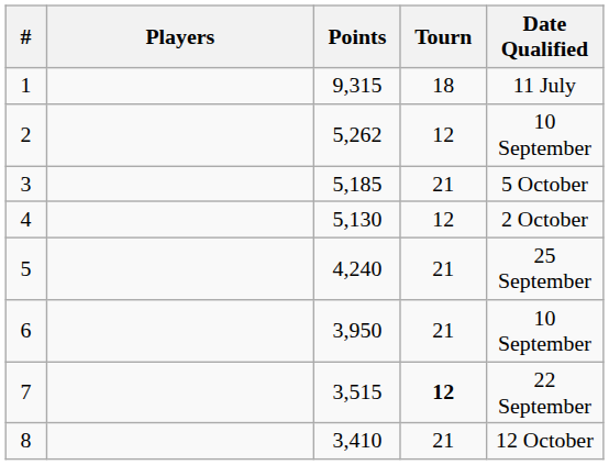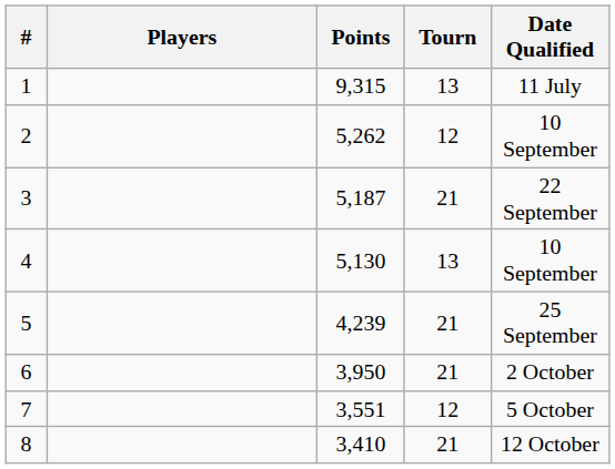 <table class="sortable wikitable"  style="float:right; text-align:center; font-size:90%; text:justify;">
 <tr>
 <th width=20>#</th>
 <th width=170>Players</th>
 <th width=50>Points</th>
 <th width=50>Tourn</th>
 <th width=70>Date Qualified</th>
 </tr>
 <tr align=center>
 <td>1</td>
 <td align=left> <br> </td>
 <td>9,315</td>
-<td>18</td>
+<td>13</td>
 <td>11 July</td>
 </tr>
 <tr>
 <td>2</td>
 <td align=left> <br> </td>
 <td>5,262</td>
 <td>12</td>
 <td>10 September</td>
 </tr>
 <tr>
 <td>3</td>
 <td align=left> <br> </td>
-<td>5,185</td>
+<td>5,187</td>
 <td>21</td>
-<td>5 October</td>
+<td>22 September</td>
 </tr>
 <tr>
 <td>4</td>
 <td align=left> <br> </td>
 <td>5,130</td>
-<td>12</td>
-<td>2 October</td>
+<td>13</td>
+<td>10 September</td>
 </tr>
 <tr>
 <td>5</td>
 <td align=left> <br> </td>
-<td>4,240</td>
+<td>4,239</td>
 <td>21</td>
 <td>25 September</td>
 </tr>
 <tr>
 <td>6</td>
 <td align=left> <br> </td>
 <td>3,950</td>
 <td>21</td>
-<td>10 September</td>
+<td>2 October</td>
 </tr>
 <tr>
 <td>7</td>
 <td align=left> <br> </td>
-<td>3,515</td>
-<td><strong>12</strong></td>
-<td>22 September</td>
+<td>3,551</td>
+<td>12</td>
+<td>5 October</td>
 </tr>
 <tr>
 <td>8</td>
 <td align=left> <br> </td>
 <td>3,410</td>
 <td>21</td>
 <td>12 October</td>
 </tr>
 </table>
